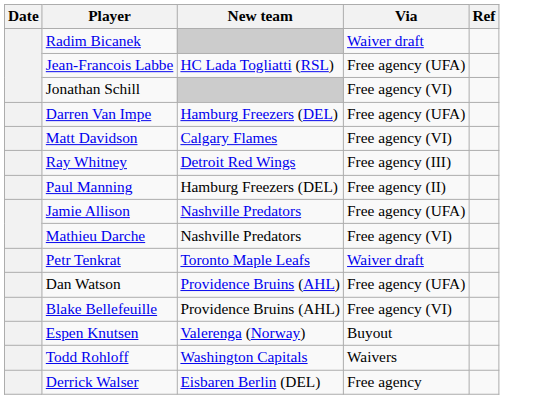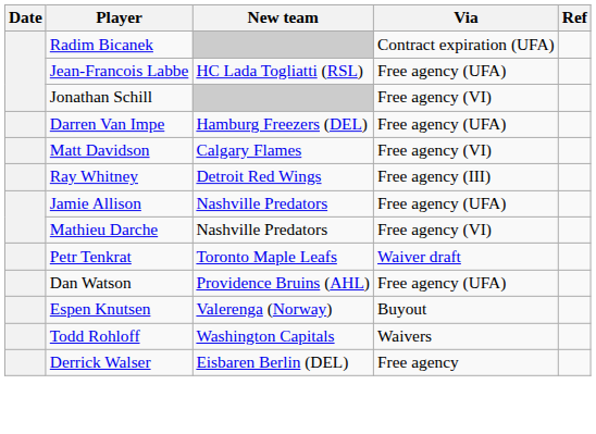 <table class="wikitable plainrowheaders">
 <tr style="background:#ddd; text-align:center;">
 <th>Date</th>
 <th>Player</th>
 <th>New team</th>
 <th>Via</th>
 <th>Ref</th>
 </tr>
 <tr>
 <th scope="row" rowspan=3></th>
 <td><a href='#'>Radim Bicanek</a></td>
 <td style="background:#ccc"></td>
-<td><a href='#'>Waiver draft</a></td>
+<td>Contract expiration (UFA)</td>
 <td></td>
 </tr>
 <tr>
 <td><a href='#'>Jean-Francois Labbe</a></td>
 <td><a href='#'>HC Lada Togliatti</a> (<a href='#'>RSL</a>)</td>
 <td>Free agency (UFA)</td>
 <td></td>
 </tr>
 <tr>
 <td>Jonathan Schill</td>
 <td style="background:#ccc"></td>
 <td>Free agency (VI)</td>
 <td></td>
 </tr>
 <tr>
 <th scope="row"></th>
 <td><a href='#'>Darren Van Impe</a></td>
 <td><a href='#'>Hamburg Freezers</a> (<a href='#'>DEL</a>)</td>
 <td>Free agency (UFA)</td>
 <td></td>
 </tr>
 <tr>
 <th scope="row"></th>
 <td><a href='#'>Matt Davidson</a></td>
 <td><a href='#'>Calgary Flames</a></td>
 <td>Free agency (VI)</td>
 <td></td>
 </tr>
 <tr>
 <th scope="row"></th>
 <td><a href='#'>Ray Whitney</a></td>
 <td><a href='#'>Detroit Red Wings</a></td>
 <td>Free agency (III)</td>
 <td></td>
 </tr>
 <tr>
-<th scope="row"></th>
-<td><a href='#'>Paul Manning</a></td>
-<td>Hamburg Freezers (DEL)</td>
-<td>Free agency (II)</td>
-<td></td>
-</tr>
-<tr>
 <th scope="row" rowspan=2></th>
 <td><a href='#'>Jamie Allison</a></td>
 <td><a href='#'>Nashville Predators</a></td>
 <td>Free agency (UFA)</td>
 <td></td>
 </tr>
 <tr>
 <td><a href='#'>Mathieu Darche</a></td>
 <td>Nashville Predators</td>
 <td>Free agency (VI)</td>
 <td></td>
 </tr>
 <tr>
 <th scope="row"></th>
 <td><a href='#'>Petr Tenkrat</a></td>
 <td><a href='#'>Toronto Maple Leafs</a></td>
 <td><a href='#'>Waiver draft</a></td>
 <td></td>
 </tr>
 <tr>
 <th scope="row"></th>
 <td>Dan Watson</td>
 <td><a href='#'>Providence Bruins</a> (<a href='#'>AHL</a>)</td>
 <td>Free agency (UFA)</td>
 <td></td>
 </tr>
 <tr>
 <th scope="row"></th>
-<td><a href='#'>Blake Bellefeuille</a></td>
-<td>Providence Bruins (AHL)</td>
-<td>Free agency (VI)</td>
-<td></td>
-</tr>
-<tr>
-<th scope="row"></th>
 <td><a href='#'>Espen Knutsen</a></td>
 <td><a href='#'>Valerenga</a> (<a href='#'>Norway</a>)</td>
 <td>Buyout</td>
 <td></td>
 </tr>
 <tr>
 <th scope="row"></th>
 <td><a href='#'>Todd Rohloff</a></td>
 <td><a href='#'>Washington Capitals</a></td>
 <td>Waivers</td>
 <td></td>
 </tr>
 <tr>
 <th scope="row"></th>
 <td><a href='#'>Derrick Walser</a></td>
 <td><a href='#'>Eisbaren Berlin</a> (DEL)</td>
 <td>Free agency</td>
 <td></td>
 </tr>
 </table>
